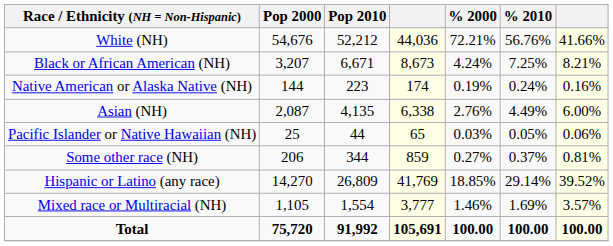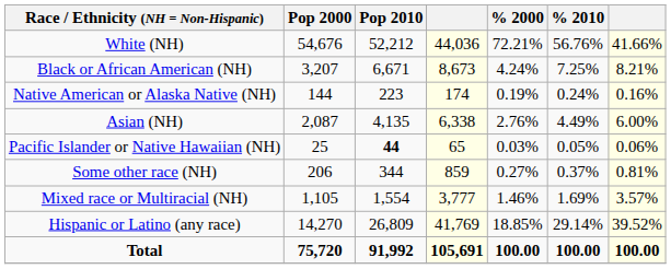 <table class="wikitable" style="text-align:center;">
 <tr>
 <th>Race / Ethnicity <small>(<em>NH = Non-Hispanic</em>)</small></th>
 <th>Pop 2000</th>
 <th>Pop 2010</th>
 <th></th>
 <th>% 2000</th>
 <th>% 2010</th>
 <th></th>
 </tr>
 <tr>
 <td><a href='#'>White</a> (NH)</td>
 <td>54,676</td>
 <td>52,212</td>
 <td style='background: #ffffe6;'>44,036</td>
 <td>72.21%</td>
 <td>56.76%</td>
 <td style='background: #ffffe6;'>41.66%</td>
 </tr>
 <tr>
 <td><a href='#'>Black or African American</a> (NH)</td>
 <td>3,207</td>
 <td>6,671</td>
 <td style='background: #ffffe6;'>8,673</td>
 <td>4.24%</td>
 <td>7.25%</td>
 <td style='background: #ffffe6;'>8.21%</td>
 </tr>
 <tr>
 <td><a href='#'>Native American</a> or <a href='#'>Alaska Native</a> (NH)</td>
 <td>144</td>
 <td>223</td>
 <td style='background: #ffffe6;'>174</td>
 <td>0.19%</td>
 <td>0.24%</td>
 <td style='background: #ffffe6;'>0.16%</td>
 </tr>
 <tr>
 <td><a href='#'>Asian</a> (NH)</td>
 <td>2,087</td>
 <td>4,135</td>
 <td style='background: #ffffe6;'>6,338</td>
 <td>2.76%</td>
 <td>4.49%</td>
 <td style='background: #ffffe6;'>6.00%</td>
 </tr>
 <tr>
 <td><a href='#'>Pacific Islander</a> or <a href='#'>Native Hawaiian</a> (NH)</td>
 <td>25</td>
-<td>44</td>
+<td><strong>44</strong></td>
 <td style='background: #ffffe6;'>65</td>
 <td>0.03%</td>
 <td>0.05%</td>
 <td style='background: #ffffe6;'>0.06%</td>
 </tr>
 <tr>
 <td><a href='#'>Some other race</a> (NH)</td>
 <td>206</td>
 <td>344</td>
 <td style='background: #ffffe6;'>859</td>
 <td>0.27%</td>
 <td>0.37%</td>
 <td style='background: #ffffe6;'>0.81%</td>
 </tr>
 <tr>
+<td><a href='#'>Mixed race or Multiracial</a> (NH)</td>
+<td>1,105</td>
+<td>1,554</td>
+<td style='background: #ffffe6;'>3,777</td>
+<td>1.46%</td>
+<td>1.69%</td>
+<td style='background: #ffffe6;'>3.57%</td>
+</tr>
+<tr>
 <td><a href='#'>Hispanic or Latino</a> (any race)</td>
 <td>14,270</td>
 <td>26,809</td>
 <td style='background: #ffffe6;'>41,769</td>
 <td>18.85%</td>
 <td>29.14%</td>
 <td style='background: #ffffe6;'>39.52%</td>
-</tr>
-<tr>
-<td><a href='#'>Mixed race or Multiracial</a> (NH)</td>
-<td>1,105</td>
-<td>1,554</td>
-<td style='background: #ffffe6;'>3,777</td>
-<td>1.46%</td>
-<td>1.69%</td>
-<td style='background: #ffffe6;'>3.57%</td>
 </tr>
 <tr>
 <td><strong>Total</strong></td>
 <td><strong>75,720</strong></td>
 <td><strong>91,992</strong></td>
 <td style='background: #ffffe6;'><strong>105,691</strong></td>
 <td><strong>100.00</strong></td>
 <td><strong>100.00</strong></td>
 <td style='background: #ffffe6;'><strong>100.00</strong></td>
 </tr>
 <tr>
 </tr>
 </table>
